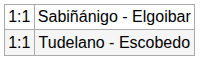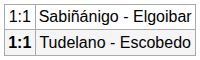 <table class="wikitable">
 <tr align=center bgcolor=white>
 <td>1:1</td>
 <td>Sabiñánigo - Elgoibar</td>
 </tr>
 <tr align=center bgcolor=#F5F5F5>
-<td>1:1</td>
+<td><strong>1:1</strong></td>
 <td>Tudelano - Escobedo</td>
 </tr>
 </table>
